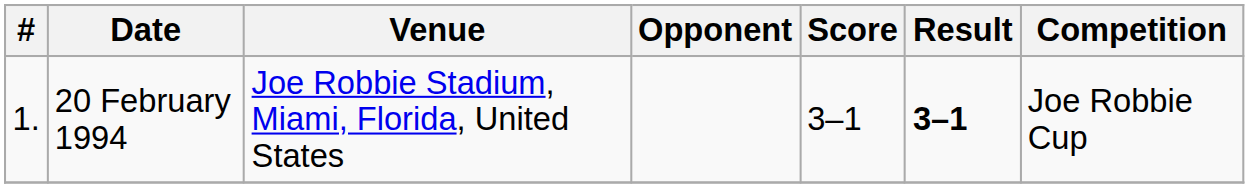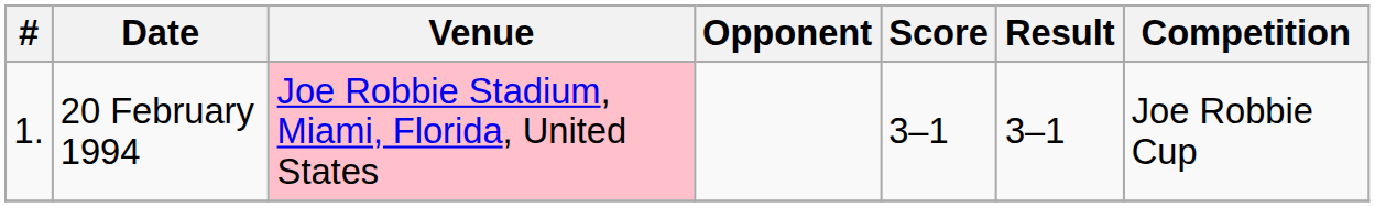 <table class="wikitable">
 <tr>
 <th>#</th>
 <th>Date</th>
 <th>Venue</th>
 <th>Opponent</th>
 <th>Score</th>
 <th>Result</th>
 <th>Competition</th>
 </tr>
 <tr>
 <td>1.</td>
 <td>20 February 1994</td>
-<td><a href='#'>Joe Robbie Stadium</a>, <a href='#'>Miami, Florida</a>, United States</td>
+<td style="background: pink;"><a href='#'>Joe Robbie Stadium</a>, <a href='#'>Miami, Florida</a>, United States</td>
 <td></td>
 <td>3–1</td>
-<td><strong>3–1</strong></td>
+<td>3–1</td>
 <td>Joe Robbie Cup</td>
 </tr>
 <tr>
 </tr>
 </table>
